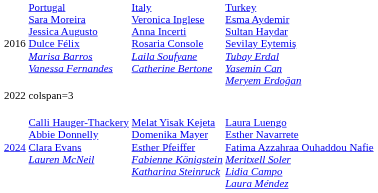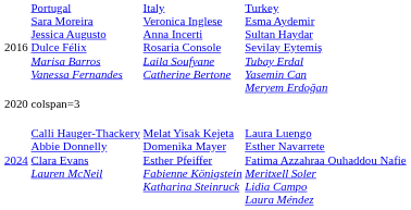 <table>
 <tr>
 <td align=center>2016</td>
 <td valign=top align="left"> <a href='#'>Portugal</a><br><a href='#'>Sara Moreira</a><br><a href='#'>Jessica Augusto</a><br><a href='#'>Dulce Félix</a><br><em><a href='#'>Marisa Barros</a></em><br><em><a href='#'>Vanessa Fernandes</a></em></td>
 <td valign=top align="left"> <a href='#'>Italy</a><br><a href='#'>Veronica Inglese</a><br><a href='#'>Anna Incerti</a><br><a href='#'>Rosaria Console</a><br><em><a href='#'>Laila Soufyane</a></em><br><em><a href='#'>Catherine Bertone</a></em></td>
 <td valign=top align="left"> <a href='#'>Turkey</a><br><a href='#'>Esma Aydemir</a><br><a href='#'>Sultan Haydar</a><br><a href='#'>Sevilay Eytemiş</a><br><em><a href='#'>Tubay Erdal</a></em><br><em><a href='#'>Yasemin Can</a></em><br><em><a href='#'>Meryem Erdoğan</a></em></td>
 </tr>
 <tr>
-<td align=center>2022</td>
+<td align=center>2020</td>
 <td>colspan=3 </td>
 </tr>
 <tr>
 <td align=center><a href='#'>2024</a></td>
 <td valign=top align="left"><br><a href='#'>Calli Hauger-Thackery</a><br><a href='#'>Abbie Donnelly</a><br><a href='#'>Clara Evans</a><br><em><a href='#'>Lauren McNeil</a></em></td>
 <td valign=top align="left"><br><a href='#'>Melat Yisak Kejeta</a><br><a href='#'>Domenika Mayer</a><br><a href='#'>Esther Pfeiffer</a><br><em><a href='#'>Fabienne Königstein</a><br><a href='#'>Katharina Steinruck</a></em></td>
 <td valign=top align="left"><br><a href='#'>Laura Luengo</a><br><a href='#'>Esther Navarrete</a><br><a href='#'>Fatima Azzahraa Ouhaddou Nafie</a><br><em><a href='#'>Meritxell Soler</a><br><a href='#'>Lidia Campo</a><br><a href='#'>Laura Méndez</a></em></td>
 </tr>
 </table>
